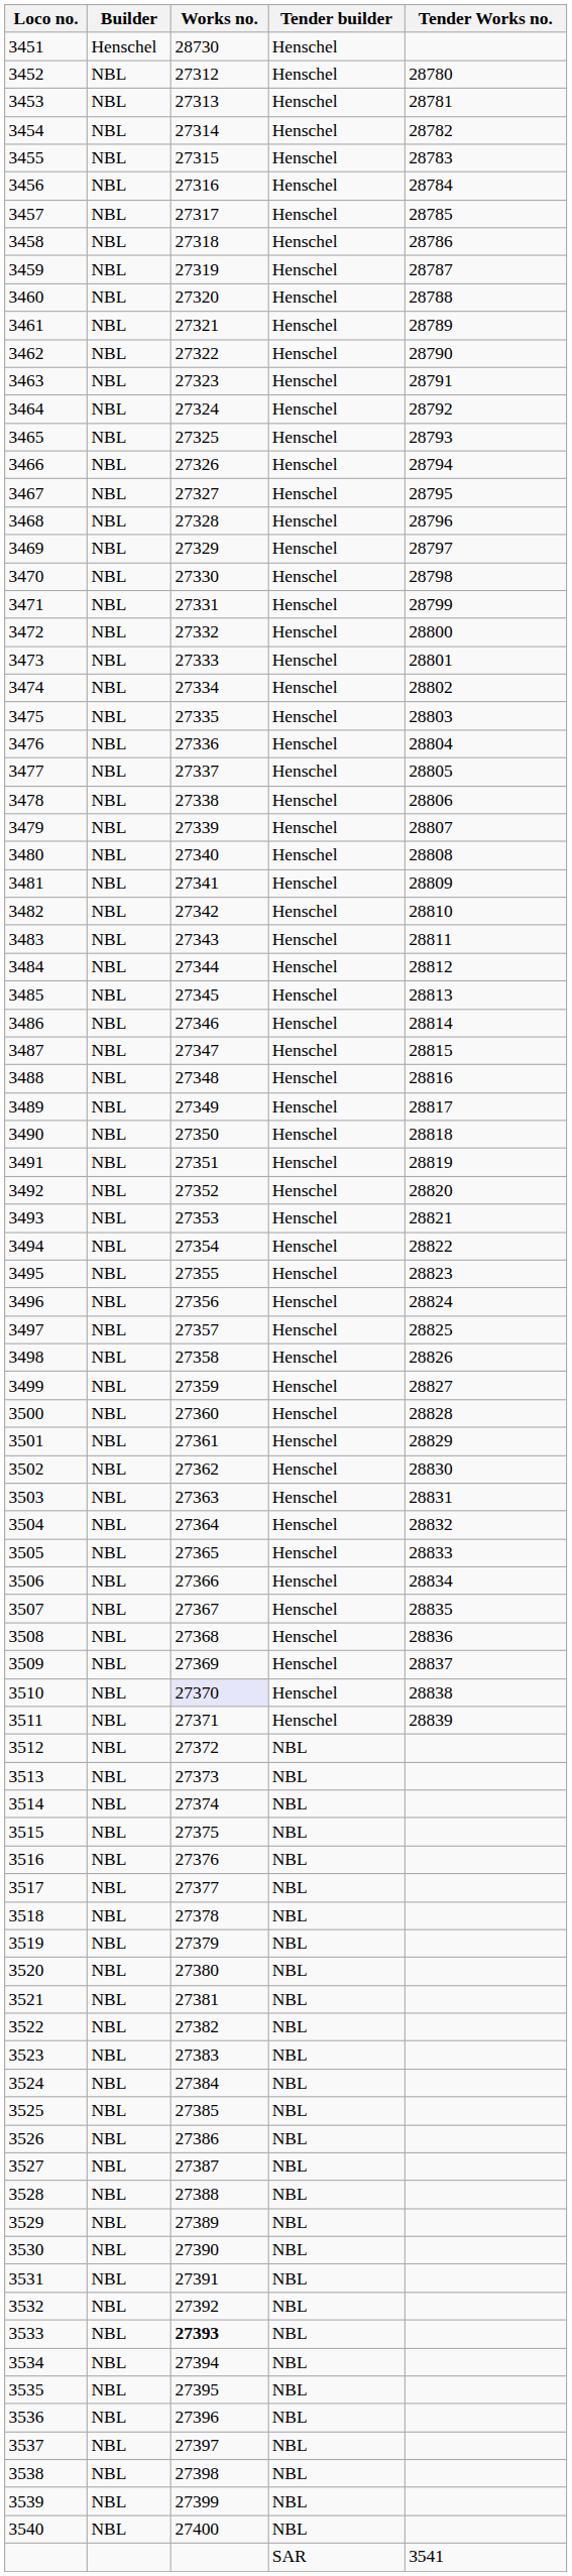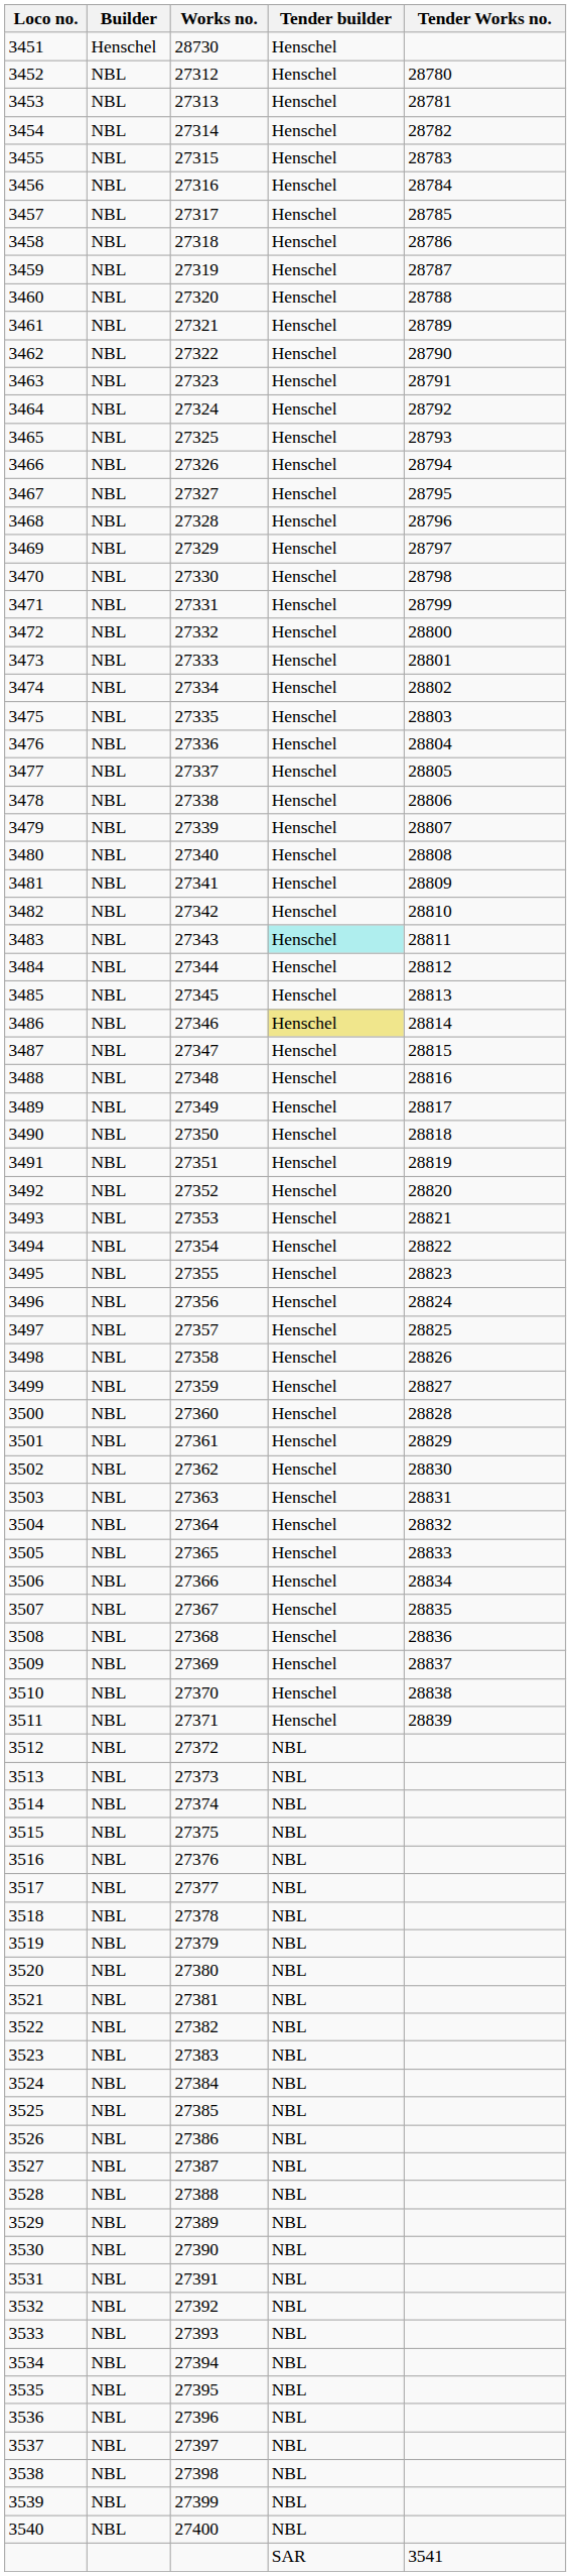 <table class="wikitable collapsible collapsed sortable" style="margin:0.5em auto; font-size:100%; min-width: 32em;">
 <tr>
 <th>Loco no.</th>
 <th>Builder</th>
 <th>Works no.</th>
 <th>Tender builder</th>
 <th>Tender Works no.</th>
 </tr>
 <tr>
 <td>3451</td>
 <td>Henschel</td>
 <td>28730</td>
 <td>Henschel</td>
 <td></td>
 </tr>
 <tr>
 <td>3452</td>
 <td>NBL</td>
 <td>27312</td>
 <td>Henschel</td>
 <td>28780</td>
 </tr>
 <tr>
 <td>3453</td>
 <td>NBL</td>
 <td>27313</td>
 <td>Henschel</td>
 <td>28781</td>
 </tr>
 <tr>
 <td>3454</td>
 <td>NBL</td>
 <td>27314</td>
 <td>Henschel</td>
 <td>28782</td>
 </tr>
 <tr>
 <td>3455</td>
 <td>NBL</td>
 <td>27315</td>
 <td>Henschel</td>
 <td>28783</td>
 </tr>
 <tr>
 <td>3456</td>
 <td>NBL</td>
 <td>27316</td>
 <td>Henschel</td>
 <td>28784</td>
 </tr>
 <tr>
 <td>3457</td>
 <td>NBL</td>
 <td>27317</td>
 <td>Henschel</td>
 <td>28785</td>
 </tr>
 <tr>
 <td>3458</td>
 <td>NBL</td>
 <td>27318</td>
 <td>Henschel</td>
 <td>28786</td>
 </tr>
 <tr>
 <td>3459</td>
 <td>NBL</td>
 <td>27319</td>
 <td>Henschel</td>
 <td>28787</td>
 </tr>
 <tr>
 <td>3460</td>
 <td>NBL</td>
 <td>27320</td>
 <td>Henschel</td>
 <td>28788</td>
 </tr>
 <tr>
 <td>3461</td>
 <td>NBL</td>
 <td>27321</td>
 <td>Henschel</td>
 <td>28789</td>
 </tr>
 <tr>
 <td>3462</td>
 <td>NBL</td>
 <td>27322</td>
 <td>Henschel</td>
 <td>28790</td>
 </tr>
 <tr>
 <td>3463</td>
 <td>NBL</td>
 <td>27323</td>
 <td>Henschel</td>
 <td>28791</td>
 </tr>
 <tr>
 <td>3464</td>
 <td>NBL</td>
 <td>27324</td>
 <td>Henschel</td>
 <td>28792</td>
 </tr>
 <tr>
 <td>3465</td>
 <td>NBL</td>
 <td>27325</td>
 <td>Henschel</td>
 <td>28793</td>
 </tr>
 <tr>
 <td>3466</td>
 <td>NBL</td>
 <td>27326</td>
 <td>Henschel</td>
 <td>28794</td>
 </tr>
 <tr>
 <td>3467</td>
 <td>NBL</td>
 <td>27327</td>
 <td>Henschel</td>
 <td>28795</td>
 </tr>
 <tr>
 <td>3468</td>
 <td>NBL</td>
 <td>27328</td>
 <td>Henschel</td>
 <td>28796</td>
 </tr>
 <tr>
 <td>3469</td>
 <td>NBL</td>
 <td>27329</td>
 <td>Henschel</td>
 <td>28797</td>
 </tr>
 <tr>
 <td>3470</td>
 <td>NBL</td>
 <td>27330</td>
 <td>Henschel</td>
 <td>28798</td>
 </tr>
 <tr>
 <td>3471</td>
 <td>NBL</td>
 <td>27331</td>
 <td>Henschel</td>
 <td>28799</td>
 </tr>
 <tr>
 <td>3472</td>
 <td>NBL</td>
 <td>27332</td>
 <td>Henschel</td>
 <td>28800</td>
 </tr>
 <tr>
 <td>3473</td>
 <td>NBL</td>
 <td>27333</td>
 <td>Henschel</td>
 <td>28801</td>
 </tr>
 <tr>
 <td>3474</td>
 <td>NBL</td>
 <td>27334</td>
 <td>Henschel</td>
 <td>28802</td>
 </tr>
 <tr>
 <td>3475</td>
 <td>NBL</td>
 <td>27335</td>
 <td>Henschel</td>
 <td>28803</td>
 </tr>
 <tr>
 <td>3476</td>
 <td>NBL</td>
 <td>27336</td>
 <td>Henschel</td>
 <td>28804</td>
 </tr>
 <tr>
 <td>3477</td>
 <td>NBL</td>
 <td>27337</td>
 <td>Henschel</td>
 <td>28805</td>
 </tr>
 <tr>
 <td>3478</td>
 <td>NBL</td>
 <td>27338</td>
 <td>Henschel</td>
 <td>28806</td>
 </tr>
 <tr>
 <td>3479</td>
 <td>NBL</td>
 <td>27339</td>
 <td>Henschel</td>
 <td>28807</td>
 </tr>
 <tr>
 <td>3480</td>
 <td>NBL</td>
 <td>27340</td>
 <td>Henschel</td>
 <td>28808</td>
 </tr>
 <tr>
 <td>3481</td>
 <td>NBL</td>
 <td>27341</td>
 <td>Henschel</td>
 <td>28809</td>
 </tr>
 <tr>
 <td>3482</td>
 <td>NBL</td>
 <td>27342</td>
 <td>Henschel</td>
 <td>28810</td>
 </tr>
 <tr>
 <td>3483</td>
 <td>NBL</td>
 <td>27343</td>
-<td>Henschel</td>
+<td style="background: paleturquoise;">Henschel</td>
 <td>28811</td>
 </tr>
 <tr>
 <td>3484</td>
 <td>NBL</td>
 <td>27344</td>
 <td>Henschel</td>
 <td>28812</td>
 </tr>
 <tr>
 <td>3485</td>
 <td>NBL</td>
 <td>27345</td>
 <td>Henschel</td>
 <td>28813</td>
 </tr>
 <tr>
 <td>3486</td>
 <td>NBL</td>
 <td>27346</td>
-<td>Henschel</td>
+<td style="background: khaki;">Henschel</td>
 <td>28814</td>
 </tr>
 <tr>
 <td>3487</td>
 <td>NBL</td>
 <td>27347</td>
 <td>Henschel</td>
 <td>28815</td>
 </tr>
 <tr>
 <td>3488</td>
 <td>NBL</td>
 <td>27348</td>
 <td>Henschel</td>
 <td>28816</td>
 </tr>
 <tr>
 <td>3489</td>
 <td>NBL</td>
 <td>27349</td>
 <td>Henschel</td>
 <td>28817</td>
 </tr>
 <tr>
 <td>3490</td>
 <td>NBL</td>
 <td>27350</td>
 <td>Henschel</td>
 <td>28818</td>
 </tr>
 <tr>
 <td>3491</td>
 <td>NBL</td>
 <td>27351</td>
 <td>Henschel</td>
 <td>28819</td>
 </tr>
 <tr>
 <td>3492</td>
 <td>NBL</td>
 <td>27352</td>
 <td>Henschel</td>
 <td>28820</td>
 </tr>
 <tr>
 <td>3493</td>
 <td>NBL</td>
 <td>27353</td>
 <td>Henschel</td>
 <td>28821</td>
 </tr>
 <tr>
 <td>3494</td>
 <td>NBL</td>
 <td>27354</td>
 <td>Henschel</td>
 <td>28822</td>
 </tr>
 <tr>
 <td>3495</td>
 <td>NBL</td>
 <td>27355</td>
 <td>Henschel</td>
 <td>28823</td>
 </tr>
 <tr>
 <td>3496</td>
 <td>NBL</td>
 <td>27356</td>
 <td>Henschel</td>
 <td>28824</td>
 </tr>
 <tr>
 <td>3497</td>
 <td>NBL</td>
 <td>27357</td>
 <td>Henschel</td>
 <td>28825</td>
 </tr>
 <tr>
 <td>3498</td>
 <td>NBL</td>
 <td>27358</td>
 <td>Henschel</td>
 <td>28826</td>
 </tr>
 <tr>
 <td>3499</td>
 <td>NBL</td>
 <td>27359</td>
 <td>Henschel</td>
 <td>28827</td>
 </tr>
 <tr>
 <td>3500</td>
 <td>NBL</td>
 <td>27360</td>
 <td>Henschel</td>
 <td>28828</td>
 </tr>
 <tr>
 <td>3501</td>
 <td>NBL</td>
 <td>27361</td>
 <td>Henschel</td>
 <td>28829</td>
 </tr>
 <tr>
 <td>3502</td>
 <td>NBL</td>
 <td>27362</td>
 <td>Henschel</td>
 <td>28830</td>
 </tr>
 <tr>
 <td>3503</td>
 <td>NBL</td>
 <td>27363</td>
 <td>Henschel</td>
 <td>28831</td>
 </tr>
 <tr>
 <td>3504</td>
 <td>NBL</td>
 <td>27364</td>
 <td>Henschel</td>
 <td>28832</td>
 </tr>
 <tr>
 <td>3505</td>
 <td>NBL</td>
 <td>27365</td>
 <td>Henschel</td>
 <td>28833</td>
 </tr>
 <tr>
 <td>3506</td>
 <td>NBL</td>
 <td>27366</td>
 <td>Henschel</td>
 <td>28834</td>
 </tr>
 <tr>
 <td>3507</td>
 <td>NBL</td>
 <td>27367</td>
 <td>Henschel</td>
 <td>28835</td>
 </tr>
 <tr>
 <td>3508</td>
 <td>NBL</td>
 <td>27368</td>
 <td>Henschel</td>
 <td>28836</td>
 </tr>
 <tr>
 <td>3509</td>
 <td>NBL</td>
 <td>27369</td>
 <td>Henschel</td>
 <td>28837</td>
 </tr>
 <tr>
 <td>3510</td>
 <td>NBL</td>
-<td style="background: lavender;">27370</td>
+<td>27370</td>
 <td>Henschel</td>
 <td>28838</td>
 </tr>
 <tr>
 <td>3511</td>
 <td>NBL</td>
 <td>27371</td>
 <td>Henschel</td>
 <td>28839</td>
 </tr>
 <tr>
 <td>3512</td>
 <td>NBL</td>
 <td>27372</td>
 <td>NBL</td>
 <td></td>
 </tr>
 <tr>
 <td>3513</td>
 <td>NBL</td>
 <td>27373</td>
 <td>NBL</td>
 <td></td>
 </tr>
 <tr>
 <td>3514</td>
 <td>NBL</td>
 <td>27374</td>
 <td>NBL</td>
 <td></td>
 </tr>
 <tr>
 <td>3515</td>
 <td>NBL</td>
 <td>27375</td>
 <td>NBL</td>
 <td></td>
 </tr>
 <tr>
 <td>3516</td>
 <td>NBL</td>
 <td>27376</td>
 <td>NBL</td>
 <td></td>
 </tr>
 <tr>
 <td>3517</td>
 <td>NBL</td>
 <td>27377</td>
 <td>NBL</td>
 <td></td>
 </tr>
 <tr>
 <td>3518</td>
 <td>NBL</td>
 <td>27378</td>
 <td>NBL</td>
 <td></td>
 </tr>
 <tr>
 <td>3519</td>
 <td>NBL</td>
 <td>27379</td>
 <td>NBL</td>
 <td></td>
 </tr>
 <tr>
 <td>3520</td>
 <td>NBL</td>
 <td>27380</td>
 <td>NBL</td>
 <td></td>
 </tr>
 <tr>
 <td>3521</td>
 <td>NBL</td>
 <td>27381</td>
 <td>NBL</td>
 <td></td>
 </tr>
 <tr>
 <td>3522</td>
 <td>NBL</td>
 <td>27382</td>
 <td>NBL</td>
 <td></td>
 </tr>
 <tr>
 <td>3523</td>
 <td>NBL</td>
 <td>27383</td>
 <td>NBL</td>
 <td></td>
 </tr>
 <tr>
 <td>3524</td>
 <td>NBL</td>
 <td>27384</td>
 <td>NBL</td>
 <td></td>
 </tr>
 <tr>
 <td>3525</td>
 <td>NBL</td>
 <td>27385</td>
 <td>NBL</td>
 <td></td>
 </tr>
 <tr>
 <td>3526</td>
 <td>NBL</td>
 <td>27386</td>
 <td>NBL</td>
 <td></td>
 </tr>
 <tr>
 <td>3527</td>
 <td>NBL</td>
 <td>27387</td>
 <td>NBL</td>
 <td></td>
 </tr>
 <tr>
 <td>3528</td>
 <td>NBL</td>
 <td>27388</td>
 <td>NBL</td>
 <td></td>
 </tr>
 <tr>
 <td>3529</td>
 <td>NBL</td>
 <td>27389</td>
 <td>NBL</td>
 <td></td>
 </tr>
 <tr>
 <td>3530</td>
 <td>NBL</td>
 <td>27390</td>
 <td>NBL</td>
 <td></td>
 </tr>
 <tr>
 <td>3531</td>
 <td>NBL</td>
 <td>27391</td>
 <td>NBL</td>
 <td></td>
 </tr>
 <tr>
 <td>3532</td>
 <td>NBL</td>
 <td>27392</td>
 <td>NBL</td>
 <td></td>
 </tr>
 <tr>
 <td>3533</td>
 <td>NBL</td>
-<td><strong>27393</strong></td>
+<td>27393</td>
 <td>NBL</td>
 <td></td>
 </tr>
 <tr>
 <td>3534</td>
 <td>NBL</td>
 <td>27394</td>
 <td>NBL</td>
 <td></td>
 </tr>
 <tr>
 <td>3535</td>
 <td>NBL</td>
 <td>27395</td>
 <td>NBL</td>
 <td></td>
 </tr>
 <tr>
 <td>3536</td>
 <td>NBL</td>
 <td>27396</td>
 <td>NBL</td>
 <td></td>
 </tr>
 <tr>
 <td>3537</td>
 <td>NBL</td>
 <td>27397</td>
 <td>NBL</td>
 <td></td>
 </tr>
 <tr>
 <td>3538</td>
 <td>NBL</td>
 <td>27398</td>
 <td>NBL</td>
 <td></td>
 </tr>
 <tr>
 <td>3539</td>
 <td>NBL</td>
 <td>27399</td>
 <td>NBL</td>
 <td></td>
 </tr>
 <tr>
 <td>3540</td>
 <td>NBL</td>
 <td>27400</td>
 <td>NBL</td>
 <td></td>
 </tr>
 <tr>
 <td></td>
 <td></td>
 <td></td>
 <td>SAR</td>
 <td>3541</td>
 </tr>
 </table>
